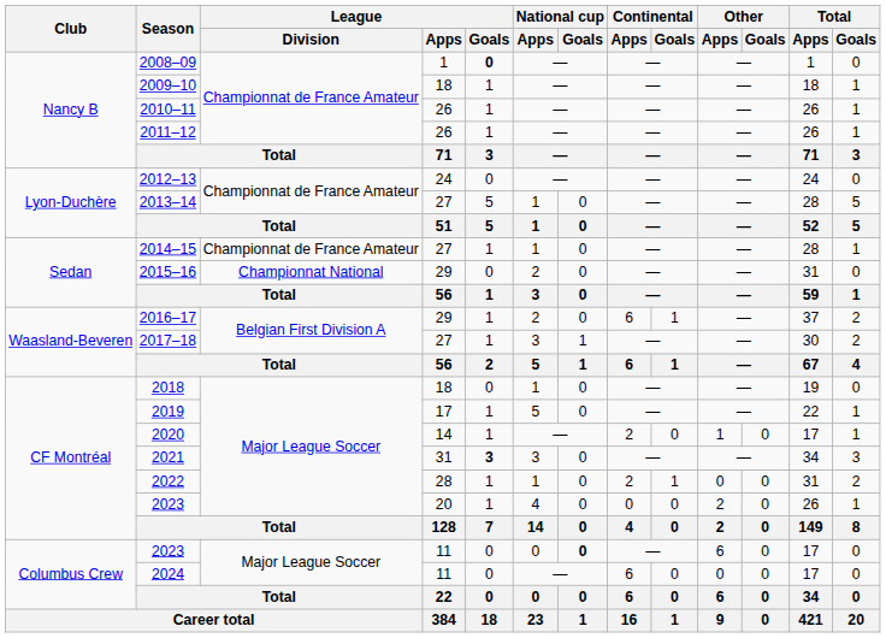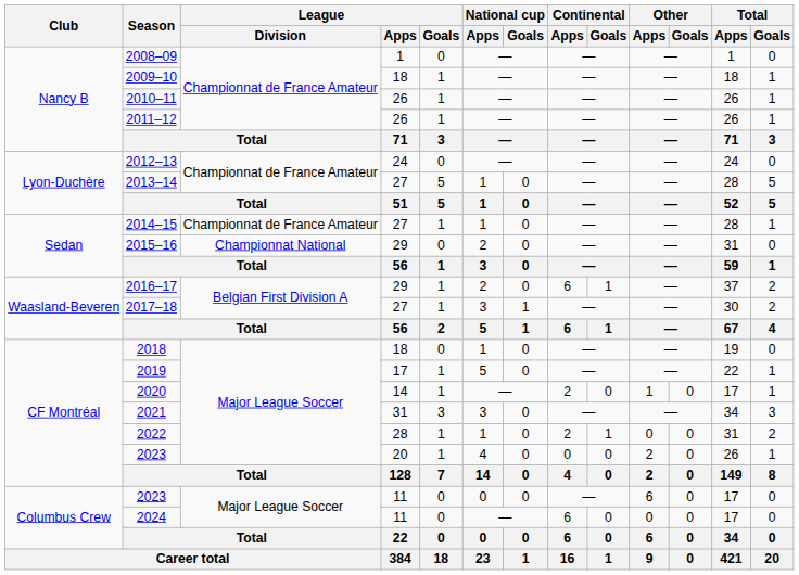 <table class="wikitable" style="text-align:center">
 <tr>
 <th rowspan="2">Club</th>
 <th rowspan="2">Season</th>
 <th colspan="3">League</th>
 <th colspan="2">National cup</th>
 <th colspan="2">Continental</th>
 <th colspan="2">Other</th>
 <th colspan="2">Total</th>
 </tr>
 <tr>
 <th>Division</th>
 <th>Apps</th>
 <th>Goals</th>
 <th>Apps</th>
 <th>Goals</th>
 <th>Apps</th>
 <th>Goals</th>
 <th>Apps</th>
 <th>Goals</th>
 <th>Apps</th>
 <th>Goals</th>
 </tr>
 <tr>
 <td rowspan="5"><a href='#'>Nancy B</a></td>
 <td><a href='#'>2008–09</a></td>
 <td rowspan="4"><a href='#'>Championnat de France Amateur</a></td>
 <td>1</td>
-<td><strong>0</strong></td>
+<td>0</td>
 <td colspan="2">—</td>
 <td colspan="2">—</td>
 <td colspan="2">—</td>
 <td>1</td>
 <td>0</td>
 </tr>
 <tr>
 <td><a href='#'>2009–10</a></td>
 <td>18</td>
 <td>1</td>
 <td colspan="2">—</td>
 <td colspan="2">—</td>
 <td colspan="2">—</td>
 <td>18</td>
 <td>1</td>
 </tr>
 <tr>
 <td><a href='#'>2010–11</a></td>
 <td>26</td>
 <td>1</td>
 <td colspan="2">—</td>
 <td colspan="2">—</td>
 <td colspan="2">—</td>
 <td>26</td>
 <td>1</td>
 </tr>
 <tr>
 <td><a href='#'>2011–12</a></td>
 <td>26</td>
 <td>1</td>
 <td colspan="2">—</td>
 <td colspan="2">—</td>
 <td colspan="2">—</td>
 <td>26</td>
 <td>1</td>
 </tr>
 <tr>
 <th colspan="2">Total</th>
 <th>71</th>
 <th>3</th>
 <th colspan="2">—</th>
 <th colspan="2">—</th>
 <th colspan="2">—</th>
 <th>71</th>
 <th>3</th>
 </tr>
 <tr>
 <td rowspan="3"><a href='#'>Lyon-Duchère</a></td>
 <td><a href='#'>2012–13</a></td>
 <td rowspan="2">Championnat de France Amateur</td>
 <td>24</td>
 <td>0</td>
 <td colspan="2">—</td>
 <td colspan="2">—</td>
 <td colspan="2">—</td>
 <td>24</td>
 <td>0</td>
 </tr>
 <tr>
 <td><a href='#'>2013–14</a></td>
 <td>27</td>
 <td>5</td>
 <td>1</td>
 <td>0</td>
 <td colspan="2">—</td>
 <td colspan="2">—</td>
 <td>28</td>
 <td>5</td>
 </tr>
 <tr>
 <th colspan="2">Total</th>
 <th>51</th>
 <th>5</th>
 <th>1</th>
 <th>0</th>
 <th colspan="2">—</th>
 <th colspan="2">—</th>
 <th>52</th>
 <th>5</th>
 </tr>
 <tr>
 <td rowspan="3"><a href='#'>Sedan</a></td>
 <td><a href='#'>2014–15</a></td>
 <td>Championnat de France Amateur</td>
 <td>27</td>
 <td>1</td>
 <td>1</td>
 <td>0</td>
 <td colspan="2">—</td>
 <td colspan="2">—</td>
 <td>28</td>
 <td>1</td>
 </tr>
 <tr>
 <td><a href='#'>2015–16</a></td>
 <td><a href='#'>Championnat National</a></td>
 <td>29</td>
 <td>0</td>
 <td>2</td>
 <td>0</td>
 <td colspan="2">—</td>
 <td colspan="2">—</td>
 <td>31</td>
 <td>0</td>
 </tr>
 <tr>
 <th colspan="2">Total</th>
 <th>56</th>
 <th>1</th>
 <th>3</th>
 <th>0</th>
 <th colspan="2">—</th>
 <th colspan="2">—</th>
 <th>59</th>
 <th>1</th>
 </tr>
 <tr>
 <td rowspan="3"><a href='#'>Waasland-Beveren</a></td>
 <td><a href='#'>2016–17</a></td>
 <td rowspan="2"><a href='#'>Belgian First Division A</a></td>
 <td>29</td>
 <td>1</td>
 <td>2</td>
 <td>0</td>
 <td>6</td>
 <td>1</td>
 <td colspan="2">—</td>
 <td>37</td>
 <td>2</td>
 </tr>
 <tr>
 <td><a href='#'>2017–18</a></td>
 <td>27</td>
 <td>1</td>
 <td>3</td>
 <td>1</td>
 <td colspan="2">—</td>
 <td colspan="2">—</td>
 <td>30</td>
 <td>2</td>
 </tr>
 <tr>
 <th colspan="2">Total</th>
 <th>56</th>
 <th>2</th>
 <th>5</th>
 <th>1</th>
 <th>6</th>
 <th>1</th>
 <th colspan="2">—</th>
 <th>67</th>
 <th>4</th>
 </tr>
 <tr>
 <td rowspan="7"><a href='#'>CF Montréal</a></td>
 <td><a href='#'>2018</a></td>
 <td rowspan="6"><a href='#'>Major League Soccer</a></td>
 <td>18</td>
 <td>0</td>
 <td>1</td>
 <td>0</td>
 <td colspan="2">—</td>
 <td colspan="2">—</td>
 <td>19</td>
 <td>0</td>
 </tr>
 <tr>
 <td><a href='#'>2019</a></td>
 <td>17</td>
 <td>1</td>
 <td>5</td>
 <td>0</td>
 <td colspan="2">—</td>
 <td colspan="2">—</td>
 <td>22</td>
 <td>1</td>
 </tr>
 <tr>
 <td><a href='#'>2020</a></td>
 <td>14</td>
 <td>1</td>
 <td colspan="2">—</td>
 <td>2</td>
 <td>0</td>
 <td>1</td>
 <td>0</td>
 <td>17</td>
 <td>1</td>
 </tr>
 <tr>
 <td><a href='#'>2021</a></td>
 <td>31</td>
-<td><strong>3</strong></td>
+<td>3</td>
 <td>3</td>
 <td>0</td>
 <td colspan="2">—</td>
 <td colspan="2">—</td>
 <td>34</td>
 <td>3</td>
 </tr>
 <tr>
 <td><a href='#'>2022</a></td>
 <td>28</td>
 <td>1</td>
 <td>1</td>
 <td>0</td>
 <td>2</td>
 <td>1</td>
 <td>0</td>
 <td>0</td>
 <td>31</td>
 <td>2</td>
 </tr>
 <tr>
 <td><a href='#'>2023</a></td>
 <td>20</td>
 <td>1</td>
 <td>4</td>
 <td>0</td>
 <td>0</td>
 <td>0</td>
 <td>2</td>
 <td>0</td>
 <td>26</td>
 <td>1</td>
 </tr>
 <tr>
 <th colspan="2">Total</th>
 <th>128</th>
 <th>7</th>
 <th>14</th>
 <th>0</th>
 <th>4</th>
 <th>0</th>
 <th>2</th>
 <th>0</th>
 <th>149</th>
 <th>8</th>
 </tr>
 <tr>
 <td rowspan="3"><a href='#'>Columbus Crew</a></td>
 <td><a href='#'>2023</a></td>
 <td rowspan="2">Major League Soccer</td>
 <td>11</td>
 <td>0</td>
 <td>0</td>
-<td><strong>0</strong></td>
+<td>0</td>
 <td colspan="2">—</td>
 <td>6</td>
 <td>0</td>
 <td>17</td>
 <td>0</td>
 </tr>
 <tr>
 <td><a href='#'>2024</a></td>
 <td>11</td>
 <td>0</td>
 <td colspan="2">—</td>
 <td>6</td>
 <td>0</td>
 <td>0</td>
 <td>0</td>
 <td>17</td>
 <td>0</td>
 </tr>
 <tr>
 <th colspan="2">Total</th>
 <th>22</th>
 <th>0</th>
 <th>0</th>
 <th>0</th>
 <th>6</th>
 <th>0</th>
 <th>6</th>
 <th>0</th>
 <th>34</th>
 <th>0</th>
 </tr>
 <tr>
 <th colspan="3">Career total</th>
 <th>384</th>
 <th>18</th>
 <th>23</th>
 <th>1</th>
 <th>16</th>
 <th>1</th>
 <th>9</th>
 <th>0</th>
 <th>421</th>
 <th>20</th>
 </tr>
 </table>
